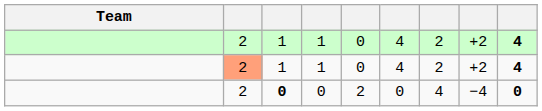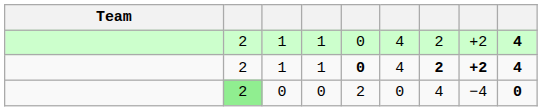 <table class="wikitable" style="text-align: center; font-size: 90%;">
 <tr>
 <th width=165>Team</th>
 <th width=25></th>
 <th width=25></th>
 <th width=25></th>
 <th width=25></th>
 <th width=25></th>
 <th width=25></th>
 <th width=25></th>
 <th width=25></th>
 </tr>
 <tr style="background:#ccffcc">
 <td style="text-align:left;"></td>
 <td>2</td>
 <td>1</td>
 <td>1</td>
 <td>0</td>
 <td>4</td>
 <td>2</td>
 <td>+2</td>
 <td><strong>4</strong></td>
 </tr>
 <tr>
 <td style="text-align:left;"></td>
-<td style="background: lightsalmon;">2</td>
+<td>2</td>
 <td>1</td>
 <td>1</td>
-<td>0</td>
+<td><strong>0</strong></td>
 <td>4</td>
-<td>2</td>
-<td>+2</td>
+<td><strong>2</strong></td>
+<td><strong>+2</strong></td>
 <td><strong>4</strong></td>
 </tr>
 <tr>
 <td style="text-align:left;"></td>
-<td>2</td>
-<td><strong>0</strong></td>
+<td style="background: lightgreen;">2</td>
+<td>0</td>
 <td>0</td>
 <td>2</td>
 <td>0</td>
 <td>4</td>
 <td>−4</td>
 <td><strong>0</strong></td>
 </tr>
 </table>
